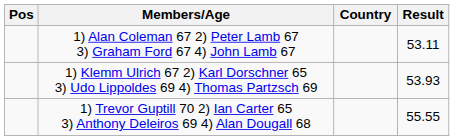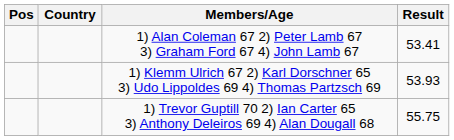 <table class="wikitable"  style="text-align:center; width:60%;">
 <tr>
 <th>Pos</th>
+<th>Country</th>
 <th>Members/Age</th>
-<th>Country</th>
 <th>Result</th>
 </tr>
 <tr>
 <td align=center></td>
+<td align=left></td>
 <td>1) <a href='#'>Alan Coleman</a> 67 2) <a href='#'>Peter Lamb</a> 67<br>3) <a href='#'>Graham Ford</a> 67 4) <a href='#'>John Lamb</a> 67</td>
-<td align=left></td>
-<td>53.11</td>
+<td>53.41</td>
 </tr>
 <tr>
 <td align=center></td>
+<td align=left></td>
 <td>1) <a href='#'>Klemm Ulrich</a> 67 2) <a href='#'>Karl Dorschner</a> 65<br>3) <a href='#'>Udo Lippoldes</a> 69 4) <a href='#'>Thomas Partzsch</a> 69</td>
-<td align=left></td>
 <td>53.93</td>
 </tr>
 <tr>
 <td align=center></td>
+<td align=left></td>
 <td>1) <a href='#'>Trevor Guptill</a> 70 2) <a href='#'>Ian Carter</a> 65<br>3) <a href='#'>Anthony Deleiros</a> 69 4) <a href='#'>Alan Dougall</a> 68</td>
-<td align=left></td>
-<td>55.55</td>
+<td>55.75</td>
 </tr>
 </table>
